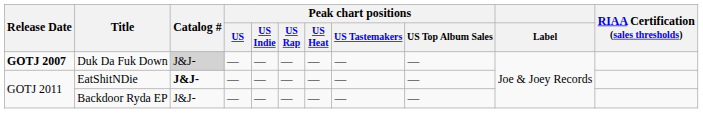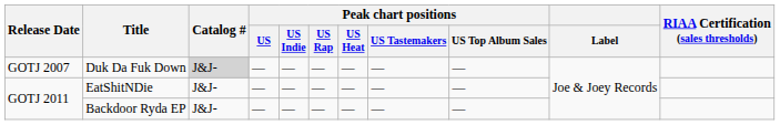 <table class="wikitable">
 <tr>
 <th rowspan="2">Release Date</th>
 <th rowspan="2">Title</th>
 <th rowspan="2">Catalog #</th>
 <th colspan="6">Peak chart positions</th>
 <th></th>
 <th rowspan="2"><a href='#'>RIAA</a> Certification<br><small>(<a href='#'>sales thresholds</a>)</small></th>
 </tr>
 <tr style="font-size:smaller;">
 <th style="width:30px;"><a href='#'>US</a></th>
 <th style="width:30px;"><a href='#'>US Indie</a></th>
 <th style="width:30px;"><a href='#'>US Rap</a></th>
 <th style="width:30px;"><a href='#'>US Heat</a></th>
 <th style="sidth:30px;"><a href='#'>US Tastemakers</a></th>
 <th>US Top Album Sales</th>
 <th>Label</th>
 </tr>
 <tr>
-<td><strong>GOTJ 2007</strong></td>
+<td>GOTJ 2007</td>
 <td>Duk Da Fuk Down</td>
 <td style="background: lightgrey;">J&J-</td>
 <td>—</td>
 <td>—</td>
 <td>—</td>
 <td>—</td>
 <td>—</td>
 <td>—</td>
 <td rowspan="3">Joe & Joey Records</td>
 <td></td>
 </tr>
 <tr>
 <td rowspan="2">GOTJ 2011</td>
 <td>EatShitNDie</td>
-<td><strong>J&J-</strong></td>
+<td>J&J-</td>
 <td>—</td>
 <td>—</td>
 <td>—</td>
 <td>—</td>
 <td>—</td>
 <td>—</td>
 <td></td>
 </tr>
 <tr>
 <td>Backdoor Ryda EP</td>
 <td>J&J-</td>
 <td>—</td>
 <td>—</td>
 <td>—</td>
 <td>—</td>
 <td>—</td>
 <td>—</td>
 <td></td>
 </tr>
 </table>
